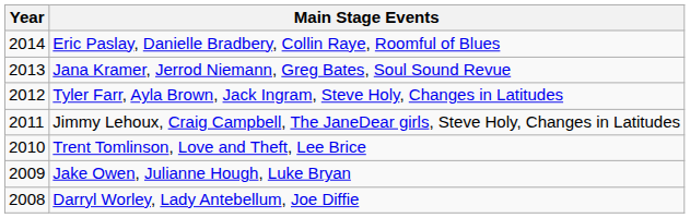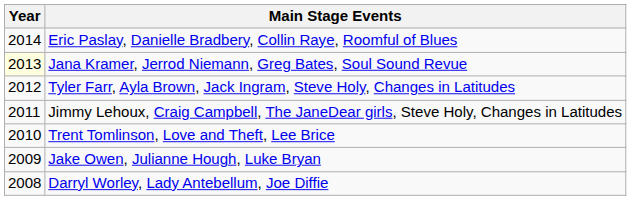 <table class="wikitable sortable">
 <tr>
 <th>Year</th>
 <th class="unsortable">Main Stage Events</th>
 </tr>
 <tr>
 <td>2014</td>
 <td><a href='#'>Eric Paslay</a>,  <a href='#'>Danielle Bradbery</a>, <a href='#'>Collin Raye</a>, <a href='#'>Roomful of Blues</a></td>
 </tr>
 <tr>
-<td>2013</td>
+<td style="background: lightyellow;">2013</td>
 <td><a href='#'>Jana Kramer</a>, <a href='#'>Jerrod Niemann</a>, <a href='#'>Greg Bates</a>, <a href='#'>Soul Sound Revue</a></td>
 </tr>
 <tr>
 <td>2012</td>
 <td><a href='#'>Tyler Farr</a>, <a href='#'>Ayla Brown</a>, <a href='#'>Jack Ingram</a>, <a href='#'>Steve Holy</a>, <a href='#'>Changes in Latitudes</a></td>
 </tr>
 <tr>
 <td>2011</td>
 <td>Jimmy Lehoux, <a href='#'>Craig Campbell</a>, <a href='#'>The JaneDear girls</a>, Steve Holy, Changes in Latitudes</td>
 </tr>
 <tr>
 <td>2010</td>
 <td><a href='#'>Trent Tomlinson</a>, <a href='#'>Love and Theft</a>, <a href='#'>Lee Brice</a></td>
 </tr>
 <tr>
 <td>2009</td>
 <td><a href='#'>Jake Owen</a>, <a href='#'>Julianne Hough</a>, <a href='#'>Luke Bryan</a></td>
 </tr>
 <tr>
 <td>2008</td>
 <td><a href='#'>Darryl Worley</a>, <a href='#'>Lady Antebellum</a>, <a href='#'>Joe Diffie</a></td>
 </tr>
 </table>
